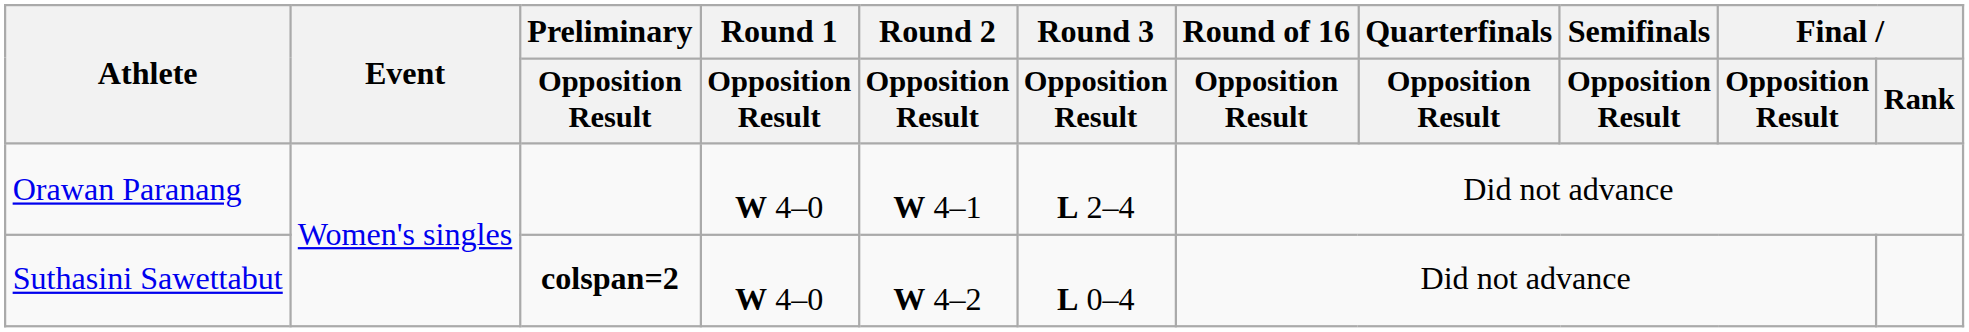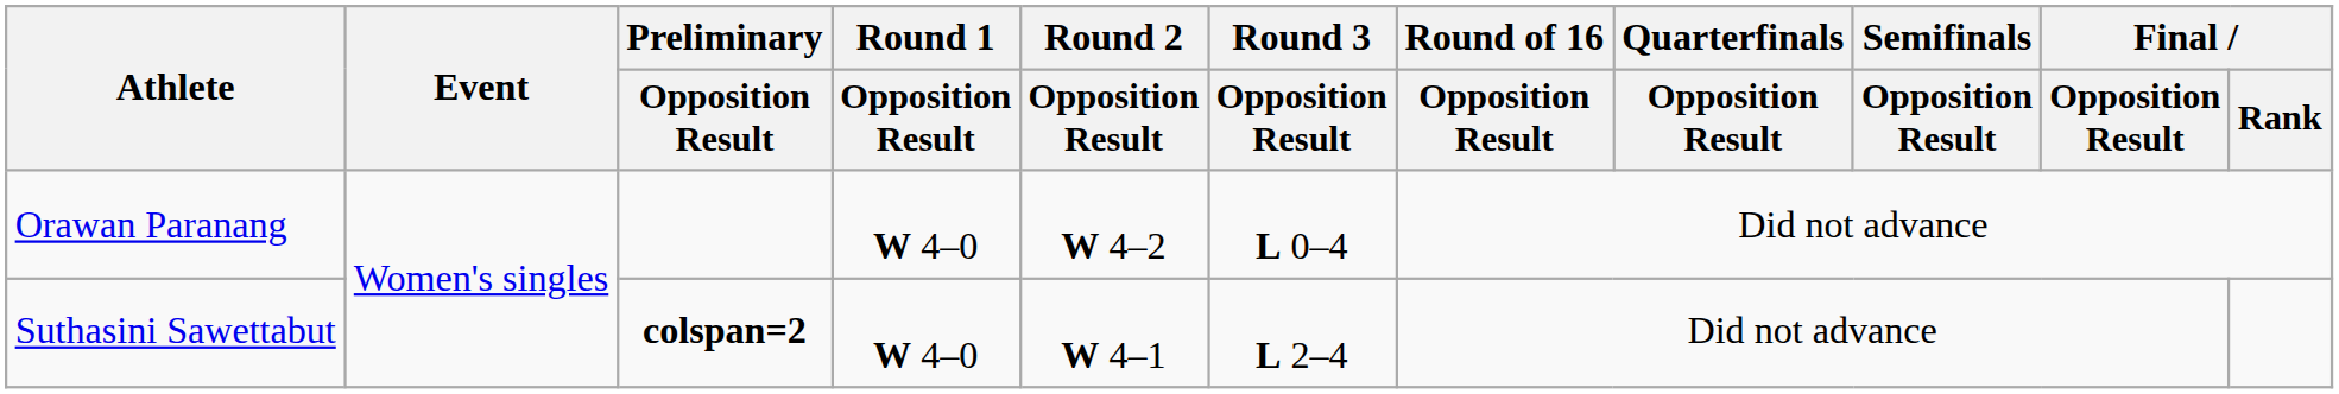 <table class="wikitable" style="font-size:90%;">
 <tr>
 <th rowspan=2>Athlete</th>
 <th rowspan=2>Event</th>
 <th>Preliminary</th>
 <th>Round 1</th>
 <th>Round 2</th>
 <th>Round 3</th>
 <th>Round of 16</th>
 <th>Quarterfinals</th>
 <th>Semifinals</th>
 <th colspan=2>Final / </th>
 </tr>
 <tr style="font-size:95%">
 <th>Opposition<br>Result</th>
 <th>Opposition<br>Result</th>
 <th>Opposition<br>Result</th>
 <th>Opposition<br>Result</th>
 <th>Opposition<br>Result</th>
 <th>Opposition<br>Result</th>
 <th>Opposition<br>Result</th>
 <th>Opposition<br>Result</th>
 <th>Rank</th>
 </tr>
 <tr align=center>
 <td align=left><a href='#'>Orawan Paranang</a></td>
 <td align=left rowspan=2><a href='#'>Women's singles</a></td>
 <td></td>
 <td><br><strong>W</strong> 4–0</td>
-<td><br><strong>W</strong> 4–1</td>
-<td><br><strong>L</strong> 2–4</td>
+<td><br><strong>W</strong> 4–2</td>
+<td><br><strong>L</strong> 0–4</td>
 <td colspan=5>Did not advance</td>
 </tr>
 <tr align=center>
 <td align=left><a href='#'>Suthasini Sawettabut</a></td>
 <td><strong>colspan=2 </strong></td>
 <td><br><strong>W</strong> 4–0</td>
-<td><br><strong>W</strong> 4–2</td>
-<td><br><strong>L</strong> 0–4</td>
+<td><br><strong>W</strong> 4–1</td>
+<td><br><strong>L</strong> 2–4</td>
 <td colspan=4>Did not advance</td>
 </tr>
 </table>
